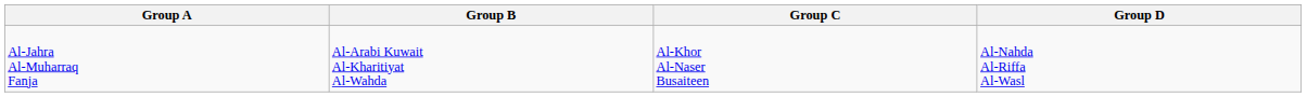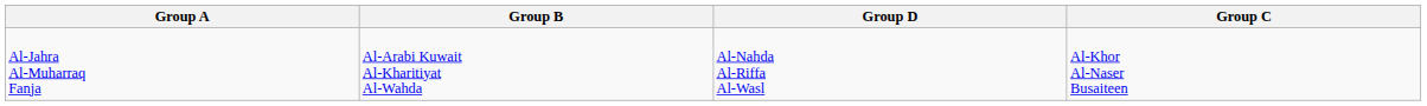 <table class="wikitable" width=98%>
 <tr>
 <th width=20%>Group A</th>
 <th width=20%>Group B</th>
+<th width=20%>Group D</th>
 <th width=20%>Group C</th>
-<th width=20%>Group D</th>
 </tr>
 <tr>
 <td><br> <a href='#'>Al-Jahra</a> <br>  <a href='#'>Al-Muharraq</a> <br>  <a href='#'>Fanja</a> <br></td>
 <td><br> <a href='#'>Al-Arabi Kuwait</a> <br>  <a href='#'>Al-Kharitiyat</a> <br>  <a href='#'>Al-Wahda</a> <br></td>
+<td><br> <a href='#'>Al-Nahda</a> <br>  <a href='#'>Al-Riffa</a> <br>  <a href='#'>Al-Wasl</a> <br></td>
 <td><br> <a href='#'>Al-Khor</a> <br>  <a href='#'>Al-Naser</a> <br>  <a href='#'>Busaiteen</a> <br></td>
-<td><br> <a href='#'>Al-Nahda</a> <br>  <a href='#'>Al-Riffa</a> <br>  <a href='#'>Al-Wasl</a> <br></td>
 </tr>
 </table>
